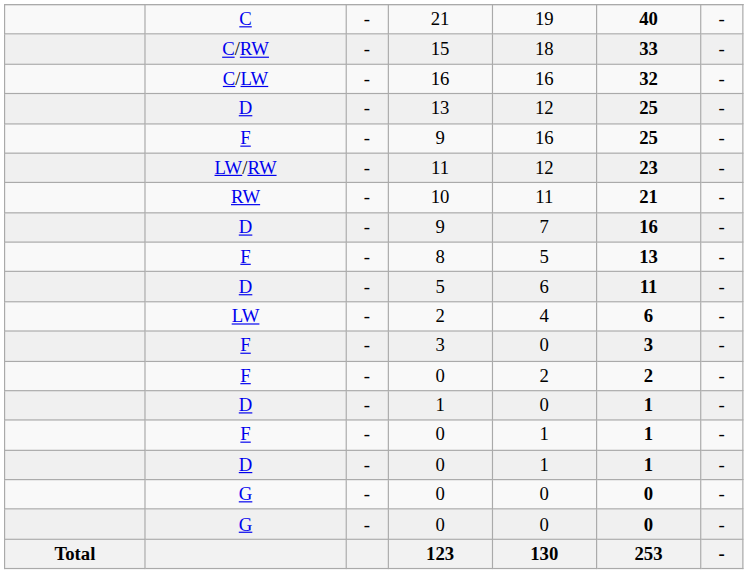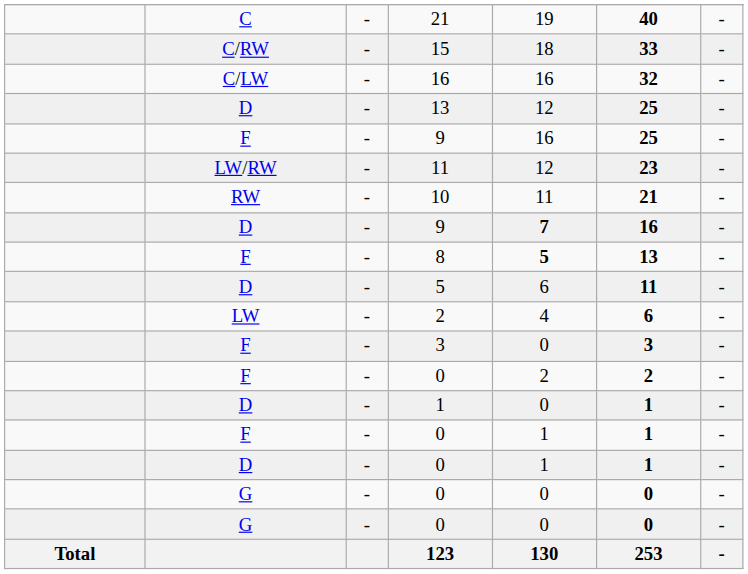 <table class="wikitable sortable" width ="50%">
 <tr align="center">
 </tr>
 <tr align="center" bgcolor="">
 <td></td>
 <td><a href='#'>C</a></td>
 <td>-</td>
 <td>21</td>
 <td>19</td>
 <td><strong>40</strong></td>
 <td>-</td>
 </tr>
 <tr align="center" bgcolor="f0f0f0">
 <td></td>
 <td><a href='#'>C</a>/<a href='#'>RW</a></td>
 <td>-</td>
 <td>15</td>
 <td>18</td>
 <td><strong>33</strong></td>
 <td>-</td>
 </tr>
 <tr align="center" bgcolor="">
 <td></td>
 <td><a href='#'>C</a>/<a href='#'>LW</a></td>
 <td>-</td>
 <td>16</td>
 <td>16</td>
 <td><strong>32</strong></td>
 <td>-</td>
 </tr>
 <tr align="center" bgcolor="f0f0f0">
 <td></td>
 <td><a href='#'>D</a></td>
 <td>-</td>
 <td>13</td>
 <td>12</td>
 <td><strong>25</strong></td>
 <td>-</td>
 </tr>
 <tr align="center" bgcolor="">
 <td></td>
 <td><a href='#'>F</a></td>
 <td>-</td>
 <td>9</td>
 <td>16</td>
 <td><strong>25</strong></td>
 <td>-</td>
 </tr>
 <tr align="center" bgcolor="f0f0f0">
 <td></td>
 <td><a href='#'>LW</a>/<a href='#'>RW</a></td>
 <td>-</td>
 <td>11</td>
 <td>12</td>
 <td><strong>23</strong></td>
 <td>-</td>
 </tr>
 <tr align="center" bgcolor="">
 <td></td>
 <td><a href='#'>RW</a></td>
 <td>-</td>
 <td>10</td>
 <td>11</td>
 <td><strong>21</strong></td>
 <td>-</td>
 </tr>
 <tr align="center" bgcolor="f0f0f0">
 <td></td>
 <td><a href='#'>D</a></td>
 <td>-</td>
 <td>9</td>
-<td>7</td>
+<td><strong>7</strong></td>
 <td><strong>16</strong></td>
 <td>-</td>
 </tr>
 <tr align="center" bgcolor="">
 <td></td>
 <td><a href='#'>F</a></td>
 <td>-</td>
 <td>8</td>
-<td>5</td>
+<td><strong>5</strong></td>
 <td><strong>13</strong></td>
 <td>-</td>
 </tr>
 <tr align="center" bgcolor="f0f0f0">
 <td></td>
 <td><a href='#'>D</a></td>
 <td>-</td>
 <td>5</td>
 <td>6</td>
 <td><strong>11</strong></td>
 <td>-</td>
 </tr>
 <tr align="center" bgcolor="">
 <td></td>
 <td><a href='#'>LW</a></td>
 <td>-</td>
 <td>2</td>
 <td>4</td>
 <td><strong>6</strong></td>
 <td>-</td>
 </tr>
 <tr align="center" bgcolor="f0f0f0">
 <td></td>
 <td><a href='#'>F</a></td>
 <td>-</td>
 <td>3</td>
 <td>0</td>
 <td><strong>3</strong></td>
 <td>-</td>
 </tr>
 <tr align="center" bgcolor="">
 <td></td>
 <td><a href='#'>F</a></td>
 <td>-</td>
 <td>0</td>
 <td>2</td>
 <td><strong>2</strong></td>
 <td>-</td>
 </tr>
 <tr align="center" bgcolor="f0f0f0">
 <td></td>
 <td><a href='#'>D</a></td>
 <td>-</td>
 <td>1</td>
 <td>0</td>
 <td><strong>1</strong></td>
 <td>-</td>
 </tr>
 <tr align="center" bgcolor="">
 <td></td>
 <td><a href='#'>F</a></td>
 <td>-</td>
 <td>0</td>
 <td>1</td>
 <td><strong>1</strong></td>
 <td>-</td>
 </tr>
 <tr align="center" bgcolor="f0f0f0">
 <td></td>
 <td><a href='#'>D</a></td>
 <td>-</td>
 <td>0</td>
 <td>1</td>
 <td><strong>1</strong></td>
 <td>-</td>
 </tr>
 <tr align="center" bgcolor="">
 <td></td>
 <td><a href='#'>G</a></td>
 <td>-</td>
 <td>0</td>
 <td>0</td>
 <td><strong>0</strong></td>
 <td>-</td>
 </tr>
 <tr align="center" bgcolor="f0f0f0">
 <td></td>
 <td><a href='#'>G</a></td>
 <td>-</td>
 <td>0</td>
 <td>0</td>
 <td><strong>0</strong></td>
 <td>-</td>
 </tr>
 <tr>
 <th>Total</th>
 <th></th>
 <th></th>
 <th>123</th>
 <th>130</th>
 <th>253</th>
 <th>-</th>
 </tr>
 </table>
